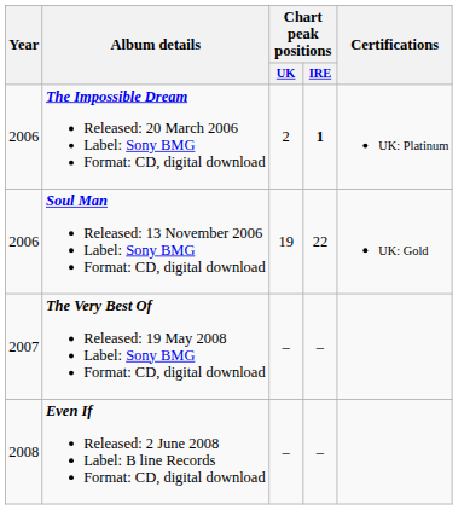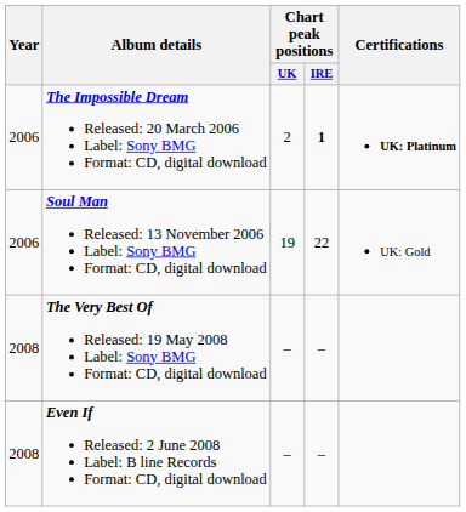 <table class=wikitable style=text-align:center;>
 <tr>
 <th rowspan=2>Year</th>
 <th rowspan=2>Album details</th>
 <th colspan=2>Chart peak positions</th>
 <th rowspan=2>Certifications</th>
 </tr>
 <tr style=font-size:smaller;>
 <th width=30><a href='#'>UK</a></th>
 <th width=30><a href='#'>IRE</a></th>
 </tr>
 <tr>
 <td>2006</td>
 <td align=left><strong><em><a href='#'>The Impossible Dream</a></em></strong><br><ul><li>Released: 20 March 2006</li><li>Label: <a href='#'>Sony BMG</a></li><li>Format: CD, digital download</li></ul></td>
 <td>2</td>
 <td><strong>1</strong></td>
-<td align=left><br><ul><li><small>UK: Platinum</small></li></ul></td>
+<td align=left><strong><br><ul><li><small>UK: Platinum</small></li></ul></strong></td>
 </tr>
 <tr>
 <td>2006</td>
 <td align=left><strong><em><a href='#'>Soul Man</a></em></strong><br><ul><li>Released: 13 November 2006</li><li>Label: <a href='#'>Sony BMG</a></li><li>Format: CD, digital download</li></ul></td>
 <td>19</td>
 <td>22</td>
 <td align=left><br><ul><li><small>UK: Gold</small></li></ul></td>
 </tr>
 <tr>
-<td>2007</td>
+<td>2008</td>
 <td align=left><strong><em>The Very Best Of</em></strong><br><ul><li>Released: 19 May 2008</li><li>Label: <a href='#'>Sony BMG</a></li><li>Format: CD, digital download</li></ul></td>
 <td>–</td>
 <td>–</td>
 <td align=left></td>
 </tr>
 <tr>
 <td>2008</td>
 <td align=left><strong><em>Even If</em></strong><br><ul><li>Released: 2 June 2008</li><li>Label: B line Records</li><li>Format: CD, digital download</li></ul></td>
 <td>–</td>
 <td>–</td>
 <td align=left></td>
 </tr>
 </table>
